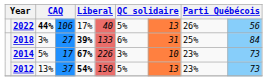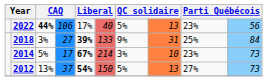 <table class="wikitable" style="width:400; font-size:90%; margin-left:1em;">
 <tr>
 <th colspan="2" scope="col">Year</th>
 <th colspan="2" scope="col"><a href='#'>CAQ</a></th>
 <th colspan="2" scope="col"><a href='#'>Liberal</a></th>
 <th colspan="2" scope="col"><a href='#'>QC solidaire</a></th>
 <th colspan="2" scope="col"><a href='#'>Parti Québécois</a></th>
 </tr>
 <tr>
 <td style="width: 0.25em; background-color: "></td>
 <th><a href='#'>2022</a></th>
 <td><strong>44%</strong></td>
 <td style="text-align:right; background:#1E90FF;"><em>106</em></td>
 <td>17%</td>
 <td style="text-align:right; background:#EA6D6A;"><em>40</em></td>
 <td>5%</td>
 <td style="text-align:right; background:#FF8040;"><em>13</em></td>
-<td>26%</td>
+<td>23%</td>
 <td style="text-align:right; background:#87CEFA;"><em>56</em></td>
 </tr>
 <tr>
 <td rowspan="3" style="width: 0.25em; background-color: "></td>
 <th><a href='#'>2018</a></th>
 <td>3%</td>
 <td style="text-align:right; background:#1E90FF;"><em>27</em></td>
 <td><strong>39%</strong></td>
 <td style="text-align:right; background:#EA6D6A;"><em>133</em></td>
-<td>6%</td>
+<td>9%</td>
 <td style="text-align:right; background:#FF8040;"><em>31</em></td>
 <td>25%</td>
 <td style="text-align:right; background:#87CEFA;"><em>84</em></td>
 </tr>
 <tr>
 <th><a href='#'>2014</a></th>
 <td>5%</td>
 <td style="text-align:right; background:#1E90FF;"><em>17</em></td>
 <td><strong>67%</strong></td>
-<td style="text-align:right; background:#EA6D6A;"><em>226</em></td>
+<td style="text-align:right; background:#EA6D6A;"><em>214</em></td>
 <td>3%</td>
 <td style="text-align:right; background:#FF8040;"><em>10</em></td>
 <td>23%</td>
 <td style="text-align:right; background:#87CEFA;"><em>73</em></td>
 </tr>
 <tr>
 <th><a href='#'>2012</a></th>
 <td>13%</td>
 <td style="text-align:right; background:#1E90FF;"><em>37</em></td>
 <td><strong>54%</strong></td>
 <td style="text-align:right; background:#EA6D6A;"><em>150</em></td>
 <td>5%</td>
 <td style="text-align:right; background:#FF8040;"><em>13</em></td>
-<td>23%</td>
+<td>27%</td>
 <td style="text-align:right; background:#87CEFA;"><em>73</em></td>
 </tr>
 <tr>
 </tr>
 </table>
